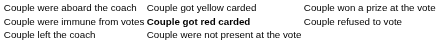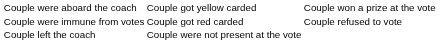 <table>
 <tr>
 <td> Couple were aboard the coach</td>
 <td> Couple got yellow carded</td>
 <td> Couple won a prize at the vote</td>
 </tr>
 <tr>
 <td> Couple were immune from votes</td>
-<td><strong> Couple got red carded</strong></td>
+<td> Couple got red carded</td>
 <td> Couple refused to vote</td>
 </tr>
 <tr>
 <td> Couple left the coach</td>
 <td> Couple were not present at the vote</td>
 </tr>
 </table>
